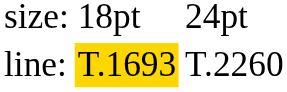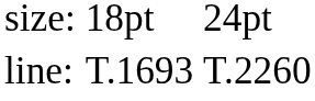 <table style="margin-left:40px;">
 <tr>
 <td>size:</td>
 <td>18pt</td>
 <td>24pt</td>
 </tr>
 <tr>
 <td>line:</td>
-<td style="background: gold;">T.1693</td>
+<td>T.1693</td>
 <td>T.2260</td>
 </tr>
 </table>
